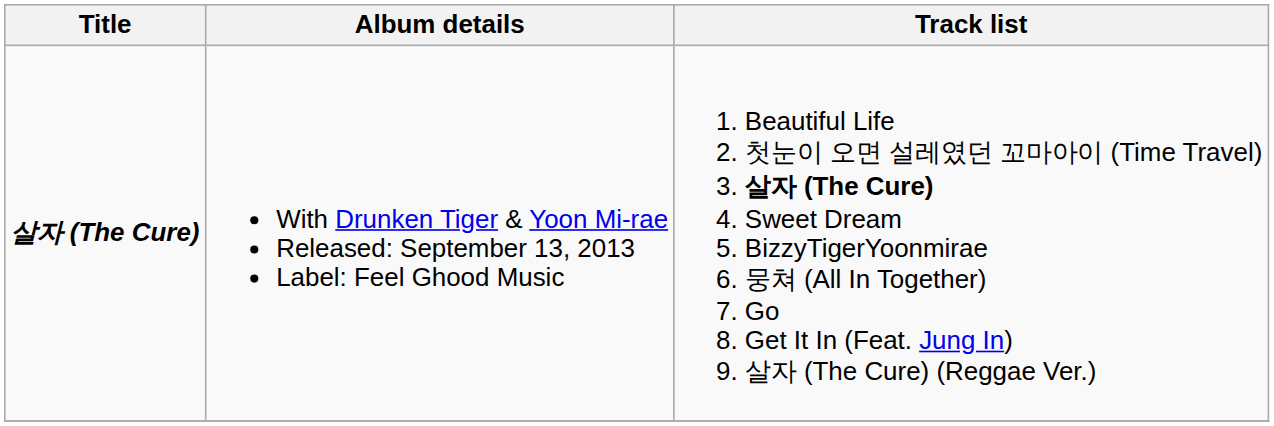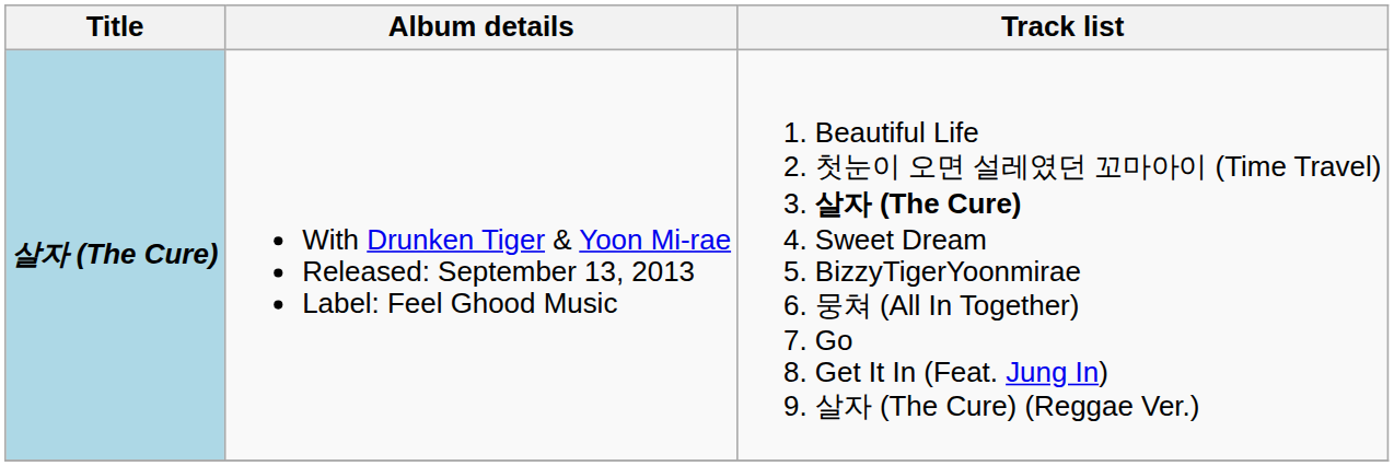 <table class="wikitable">
 <tr>
 <th>Title</th>
 <th>Album details</th>
 <th>Track list</th>
 </tr>
 <tr>
-<td><strong><em>살자 (The Cure)</em></strong></td>
+<td style="background: lightblue;"><strong><em>살자 (The Cure)</em></strong></td>
 <td><br><ul><li>With <a href='#'>Drunken Tiger</a> & <a href='#'>Yoon Mi-rae</a></li><li>Released: September 13, 2013</li><li>Label: Feel Ghood Music</li></ul></td>
 <td><br><ol><li>Beautiful Life</li><li>첫눈이 오면 설레였던 꼬마아이 (Time Travel)</li><li><strong>살자 (The Cure)</strong></li><li>Sweet Dream</li><li>BizzyTigerYoonmirae</li><li>뭉쳐 (All In Together)</li><li>Go</li><li>Get It In (Feat. <a href='#'>Jung In</a>)</li><li>살자 (The Cure) (Reggae Ver.)</li></ol></td>
 </tr>
 <tr>
 </tr>
 </table>
